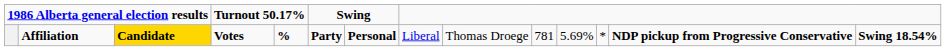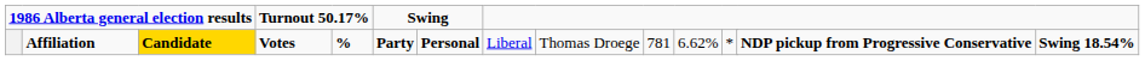 <table class="wikitable">
 <tr>
 <td colspan="3" align=center><strong><a href='#'>1986 Alberta general election</a> results</strong></td>
 <td colspan="2"><strong>Turnout 50.17%</strong></td>
 <td colspan="2" align=center><strong>Swing</strong></td>
 </tr>
 <tr>
 <th style="width: 10px;"></th>
 <td><strong>Affiliation</strong></td>
 <td style="background: gold;"><strong>Candidate</strong></td>
 <td><strong>Votes</strong></td>
 <td><strong>%</strong></td>
 <td><strong>Party</strong></td>
 <td><strong>Personal</strong><br>   </td>
 <td><a href='#'>Liberal</a></td>
 <td>Thomas Droege</td>
 <td>781</td>
-<td>5.69%</td>
+<td>6.62%</td>
 <td align=center colspan=2>*<br>   </td>
 <td colspan=4><strong>NDP pickup from Progressive Conservative</strong></td>
 <td colspan=2><strong>Swing 18.54%</strong></td>
 </tr>
 </table>
